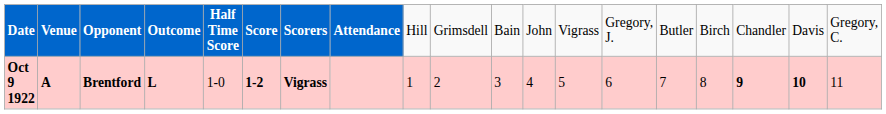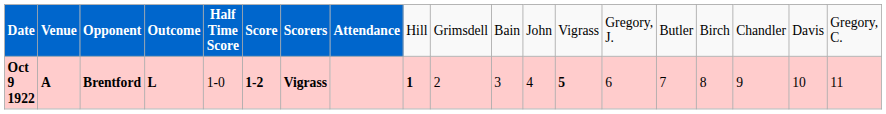 <table class="wikitable">
 <tr>
 <td style="background:#0066CC; color:#FFFFFF; text-align:center;"><strong>Date</strong></td>
 <td style="background:#0066CC; color:#FFFFFF; text-align:center;"><strong>Venue</strong></td>
 <td style="background:#0066CC; color:#FFFFFF; text-align:center;"><strong>Opponent</strong></td>
 <td style="background:#0066CC; color:#FFFFFF; text-align:center;"><strong>Outcome</strong></td>
 <td style="background:#0066CC; color:#FFFFFF; text-align:center;"><strong>Half Time Score</strong></td>
 <td style="background:#0066CC; color:#FFFFFF; text-align:center;"><strong>Score</strong></td>
 <td style="background:#0066CC; color:#FFFFFF; text-align:center;"><strong>Scorers</strong></td>
 <td style="background:#0066CC; color:#FFFFFF; text-align:center;"><strong>Attendance</strong></td>
 <td>Hill</td>
 <td>Grimsdell</td>
 <td>Bain</td>
 <td>John</td>
 <td>Vigrass</td>
 <td>Gregory, J.</td>
 <td>Butler</td>
 <td>Birch</td>
 <td>Chandler</td>
 <td>Davis</td>
 <td>Gregory, C.</td>
 </tr>
 <tr bgcolor="#FFCCCC">
 <td><strong>Oct 9 1922</strong></td>
 <td><strong>A</strong></td>
 <td><strong>Brentford</strong></td>
 <td><strong>L</strong></td>
 <td>1-0</td>
 <td><strong>1-2</strong></td>
 <td><strong>Vigrass</strong></td>
 <td></td>
-<td>1</td>
+<td><strong>1</strong></td>
 <td>2</td>
 <td>3</td>
 <td>4</td>
-<td>5</td>
+<td><strong>5</strong></td>
 <td>6</td>
 <td>7</td>
 <td>8</td>
-<td><strong>9</strong></td>
-<td><strong>10</strong></td>
+<td>9</td>
+<td>10</td>
 <td>11</td>
 </tr>
 </table>
